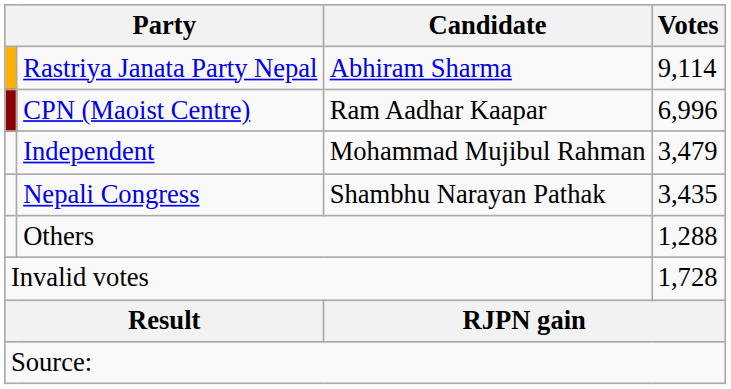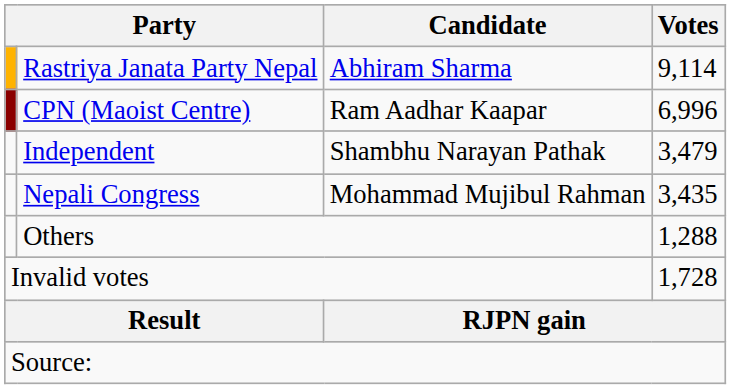 <table class="wikitable">
 <tr>
 <th colspan="2">Party</th>
 <th>Candidate</th>
 <th>Votes</th>
 </tr>
 <tr>
 <td style="background-color:#ffb300"></td>
 <td><a href='#'>Rastriya Janata Party Nepal</a></td>
 <td><a href='#'>Abhiram Sharma</a></td>
 <td>9,114</td>
 </tr>
 <tr>
 <td style="background-color:darkred"></td>
 <td><a href='#'>CPN (Maoist Centre)</a></td>
 <td>Ram Aadhar Kaapar</td>
 <td>6,996</td>
 </tr>
 <tr>
 <td style="background-color:"></td>
 <td><a href='#'>Independent</a></td>
-<td>Mohammad Mujibul Rahman</td>
+<td>Shambhu Narayan Pathak</td>
 <td>3,479</td>
 </tr>
 <tr>
 <td style="background-color:"></td>
 <td><a href='#'>Nepali Congress</a></td>
-<td>Shambhu Narayan Pathak</td>
+<td>Mohammad Mujibul Rahman</td>
 <td>3,435</td>
 </tr>
 <tr>
 <td></td>
 <td colspan="2">Others</td>
 <td>1,288</td>
 </tr>
 <tr>
 <td colspan="3">Invalid votes</td>
 <td>1,728</td>
 </tr>
 <tr>
 <th colspan="2">Result</th>
 <th colspan="2">RJPN gain</th>
 </tr>
 <tr>
 <td colspan="4">Source: </td>
 </tr>
 </table>
